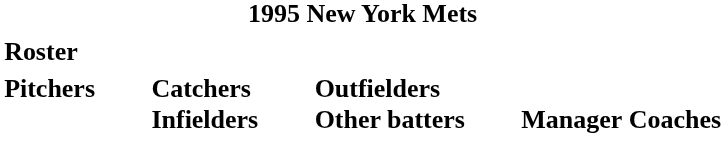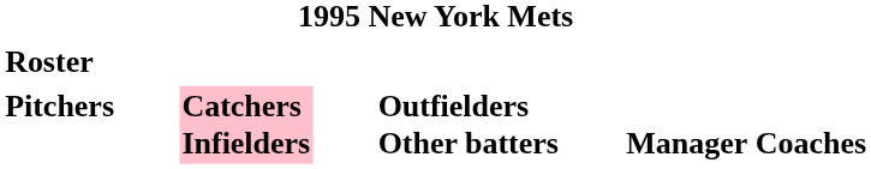 <table class="toccolours" style="font-size: 95%;">
 <tr>
 <th colspan="10">1995 New York Mets</th>
 </tr>
 <tr>
 <td colspan="10"><strong>Roster</strong></td>
 </tr>
 <tr>
 <td valign="top"><strong>Pitchers</strong><br>                     </td>
 <td width="25px"></td>
-<td valign="top"><strong>Catchers</strong><br>   <strong>Infielders</strong>         </td>
+<td valign="top" style="background: pink;"><strong>Catchers</strong><br>   <strong>Infielders</strong>         </td>
 <td width="25px"></td>
 <td valign="top"><strong>Outfielders</strong><br>          <strong>Other batters</strong> </td>
 <td width="25px"></td>
 <td valign="top"><br><strong>Manager</strong>  <strong>Coaches</strong>      </td>
 </tr>
 </table>
